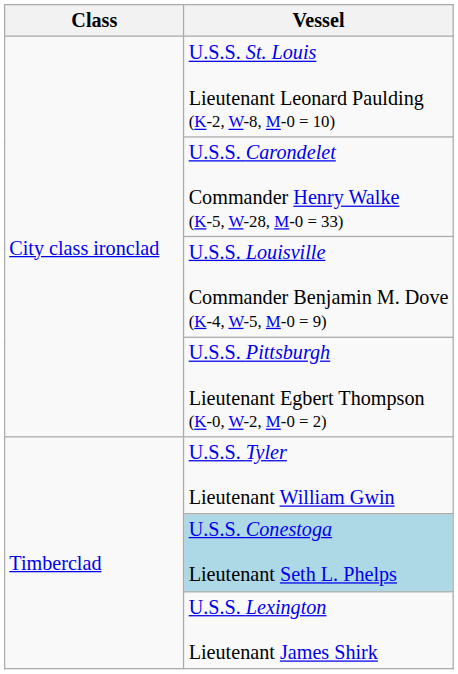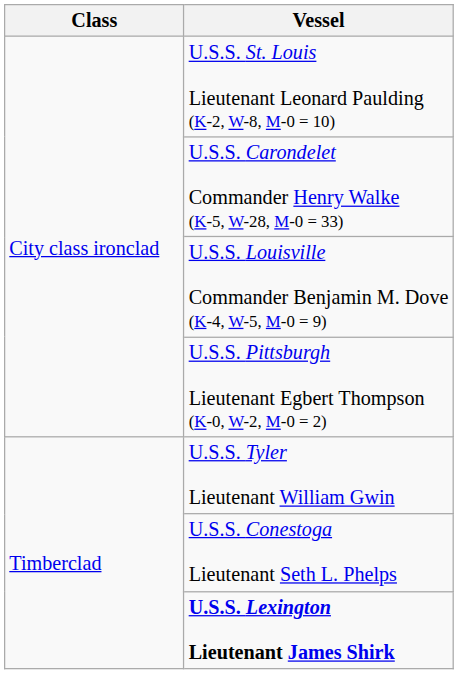 <table class="wikitable">
 <tr>
 <th width=40%>Class</th>
 <th width=60%>Vessel</th>
 </tr>
 <tr>
 <td rowspan=4><br><a href='#'>City class ironclad</a></td>
 <td><a href='#'>U.S.S. <em>St. Louis</em></a><br>  <br>Lieutenant Leonard Paulding<br> <small>(<a href='#'>K</a>-2, <a href='#'>W</a>-8, <a href='#'>M</a>-0 = 10)</small></td>
 </tr>
 <tr>
 <td><a href='#'>U.S.S. <em>Carondelet</em></a><br>  <br>Commander <a href='#'>Henry Walke</a><br> <small>(<a href='#'>K</a>-5, <a href='#'>W</a>-28, <a href='#'>M</a>-0 = 33)</small></td>
 </tr>
 <tr>
 <td><a href='#'>U.S.S. <em>Louisville</em></a><br>  <br>Commander Benjamin M. Dove<br> <small>(<a href='#'>K</a>-4, <a href='#'>W</a>-5, <a href='#'>M</a>-0 = 9)</small></td>
 </tr>
 <tr>
 <td><a href='#'>U.S.S. <em>Pittsburgh</em></a><br>  <br>Lieutenant Egbert Thompson<br> <small>(<a href='#'>K</a>-0, <a href='#'>W</a>-2, <a href='#'>M</a>-0 = 2)</small></td>
 </tr>
 <tr>
 <td rowspan=3><br><a href='#'>Timberclad</a></td>
 <td><a href='#'>U.S.S. <em>Tyler</em></a><br>  <br>Lieutenant <a href='#'>William Gwin</a></td>
 </tr>
 <tr>
-<td style="background: lightblue;"><a href='#'>U.S.S. <em>Conestoga</em></a><br>  <br>Lieutenant <a href='#'>Seth L. Phelps</a></td>
+<td><a href='#'>U.S.S. <em>Conestoga</em></a><br>  <br>Lieutenant <a href='#'>Seth L. Phelps</a></td>
 </tr>
 <tr>
-<td><a href='#'>U.S.S. <em>Lexington</em></a><br>  <br>Lieutenant <a href='#'>James Shirk</a></td>
+<td><strong><a href='#'>U.S.S. <em>Lexington</em></a><br>  <br>Lieutenant <a href='#'>James Shirk</a></strong></td>
 </tr>
 </table>
